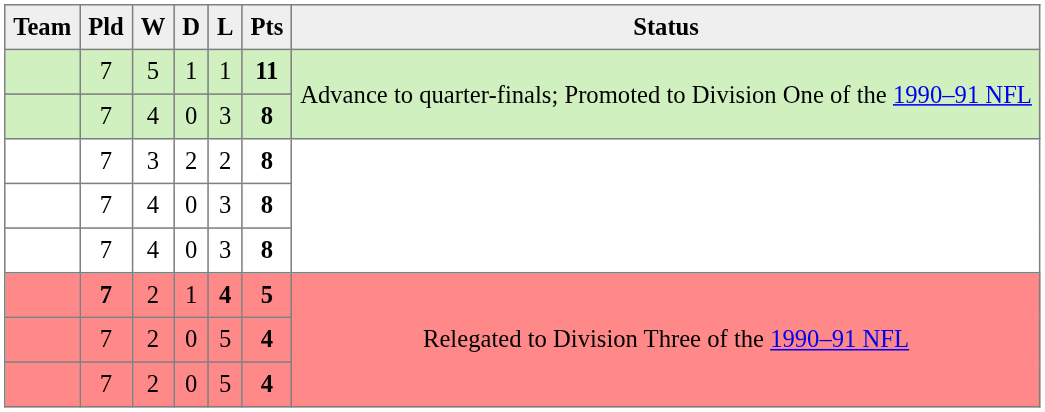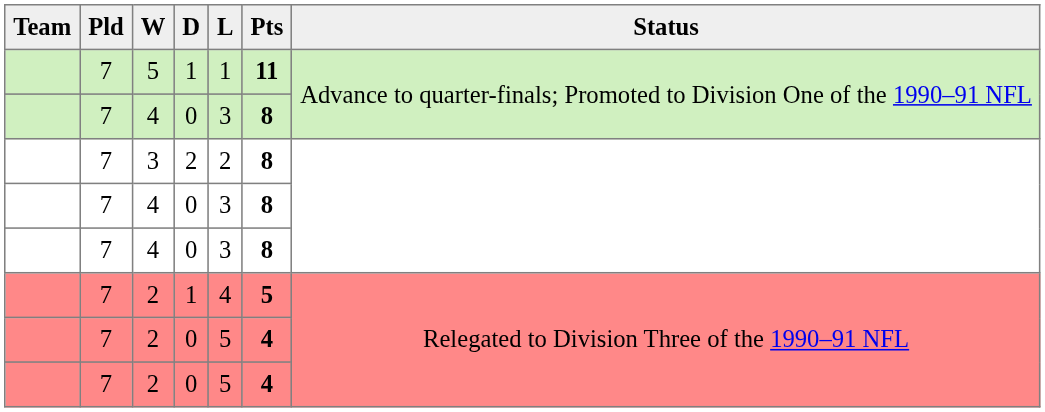 <table style=border-collapse:collapse border=1 cellspacing=0 cellpadding=5>
 <tr align=center bgcolor=#efefef>
 <th>Team</th>
 <th>Pld</th>
 <th>W</th>
 <th>D</th>
 <th>L</th>
 <th>Pts</th>
 <th>Status</th>
 </tr>
 <tr align=center style="background:#D0F0C0;">
 <td style="text-align:left;"> </td>
 <td>7</td>
 <td>5</td>
 <td>1</td>
 <td>1</td>
 <td><strong>11</strong></td>
 <td rowspan=2>Advance to quarter-finals; Promoted to Division One of the <a href='#'>1990–91 NFL</a></td>
 </tr>
 <tr align=center style="background:#D0F0C0;">
 <td style="text-align:left;"> </td>
 <td>7</td>
 <td>4</td>
 <td>0</td>
 <td>3</td>
 <td><strong>8</strong></td>
 </tr>
 <tr align=center style="background:#FFFFFF;">
 <td style="text-align:left;"> </td>
 <td>7</td>
 <td>3</td>
 <td>2</td>
 <td>2</td>
 <td><strong>8</strong></td>
 <td rowspan=3></td>
 </tr>
 <tr align=center style="background:#FFFFFF;">
 <td style="text-align:left;"> </td>
 <td>7</td>
 <td>4</td>
 <td>0</td>
 <td>3</td>
 <td><strong>8</strong></td>
 </tr>
 <tr align=center style="background:#FFFFFF;">
 <td style="text-align:left;"> </td>
 <td>7</td>
 <td>4</td>
 <td>0</td>
 <td>3</td>
 <td><strong>8</strong></td>
 </tr>
 <tr align=center style="background:#FF8888;">
 <td style="text-align:left;"> </td>
-<td><strong>7</strong></td>
+<td>7</td>
 <td>2</td>
 <td>1</td>
-<td><strong>4</strong></td>
+<td>4</td>
 <td><strong>5</strong></td>
 <td rowspan=3>Relegated to Division Three of the <a href='#'>1990–91 NFL</a></td>
 </tr>
 <tr align=center style="background:#FF8888;">
 <td style="text-align:left;"> </td>
 <td>7</td>
 <td>2</td>
 <td>0</td>
 <td>5</td>
 <td><strong>4</strong></td>
 </tr>
 <tr align=center style="background:#FF8888;">
 <td style="text-align:left;"> </td>
 <td>7</td>
 <td>2</td>
 <td>0</td>
 <td>5</td>
 <td><strong>4</strong></td>
 </tr>
 </table>
